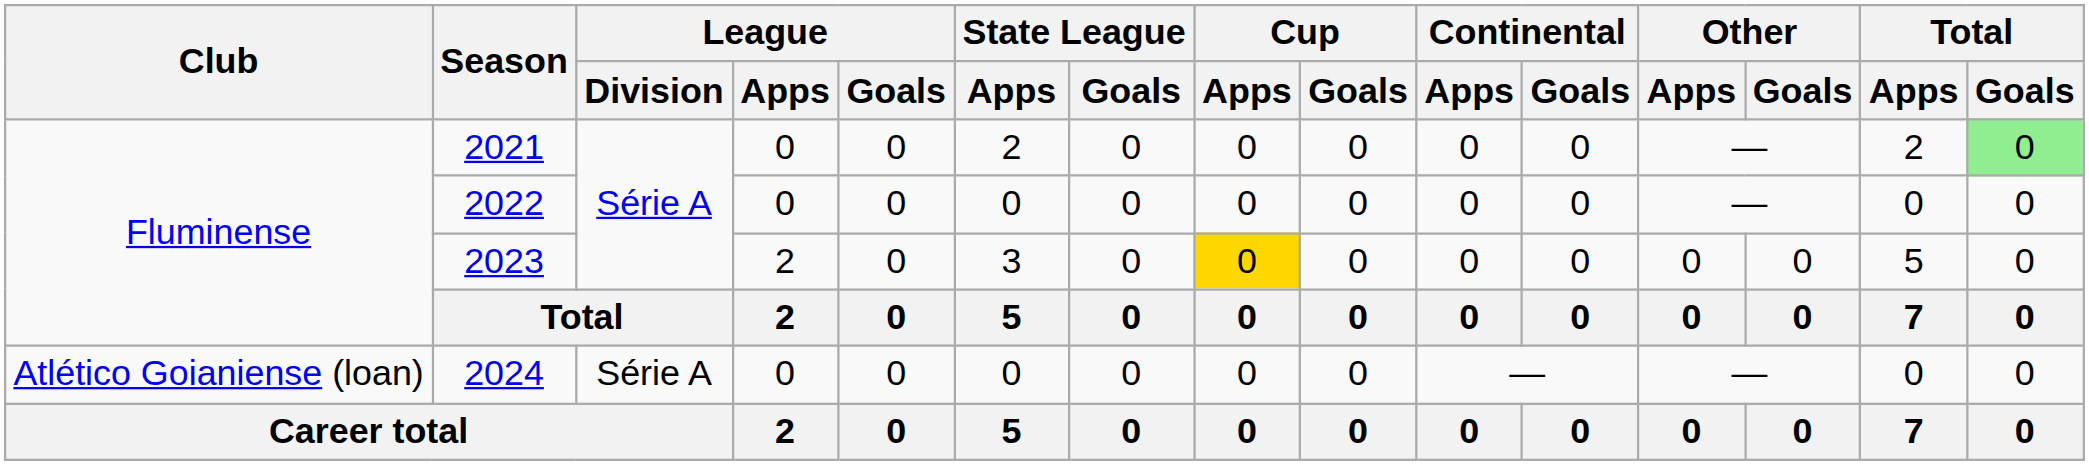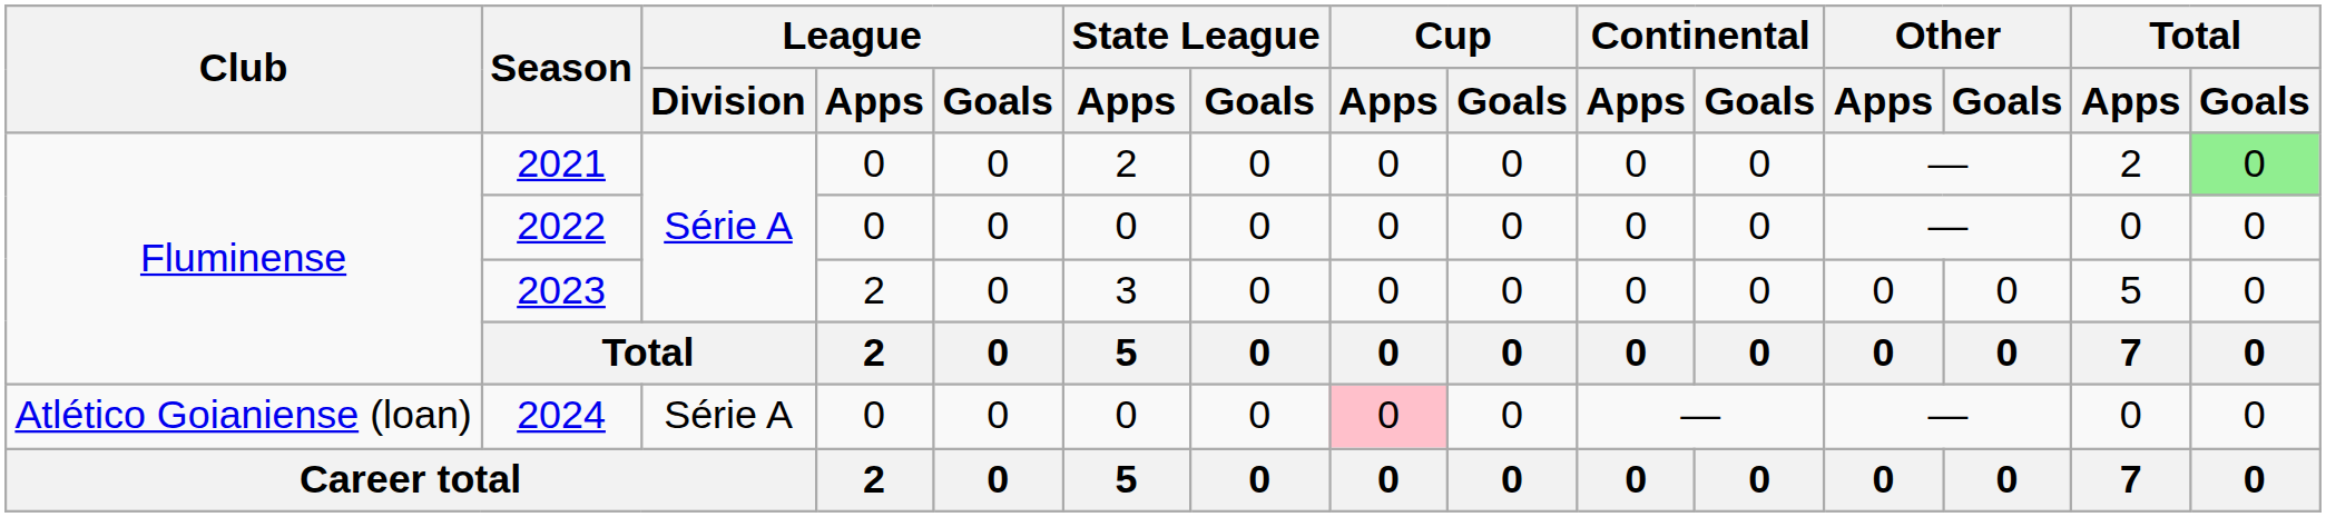 <table class="wikitable" style="text-align:center">
 <tr>
 <th rowspan="2">Club</th>
 <th rowspan="2">Season</th>
 <th colspan="3">League</th>
 <th colspan="2">State League</th>
 <th colspan="2">Cup</th>
 <th colspan="2">Continental</th>
 <th colspan="2">Other</th>
 <th colspan="2">Total</th>
 </tr>
 <tr>
 <th>Division</th>
 <th>Apps</th>
 <th>Goals</th>
 <th>Apps</th>
 <th>Goals</th>
 <th>Apps</th>
 <th>Goals</th>
 <th>Apps</th>
 <th>Goals</th>
 <th>Apps</th>
 <th>Goals</th>
 <th>Apps</th>
 <th>Goals</th>
 </tr>
 <tr>
 <td rowspan=4><a href='#'>Fluminense</a></td>
 <td><a href='#'>2021</a></td>
 <td rowspan=3><a href='#'>Série A</a></td>
 <td>0</td>
 <td>0</td>
 <td>2</td>
 <td>0</td>
 <td>0</td>
 <td>0</td>
 <td>0</td>
 <td>0</td>
 <td colspan="2">—</td>
 <td>2</td>
 <td style="background: lightgreen;">0</td>
 </tr>
 <tr>
 <td><a href='#'>2022</a></td>
 <td>0</td>
 <td>0</td>
 <td>0</td>
 <td>0</td>
 <td>0</td>
 <td>0</td>
 <td>0</td>
 <td>0</td>
 <td colspan="2">—</td>
 <td>0</td>
 <td>0</td>
 </tr>
 <tr>
 <td><a href='#'>2023</a></td>
 <td>2</td>
 <td>0</td>
 <td>3</td>
 <td>0</td>
-<td style="background: gold;">0</td>
+<td>0</td>
 <td>0</td>
 <td>0</td>
 <td>0</td>
 <td>0</td>
 <td>0</td>
 <td>5</td>
 <td>0</td>
 </tr>
 <tr>
 <th colspan=2>Total</th>
 <th>2</th>
 <th>0</th>
 <th>5</th>
 <th>0</th>
 <th>0</th>
 <th>0</th>
 <th>0</th>
 <th>0</th>
 <th>0</th>
 <th>0</th>
 <th>7</th>
 <th>0</th>
 </tr>
 <tr>
 <td><a href='#'>Atlético Goianiense</a> (loan)</td>
 <td><a href='#'>2024</a></td>
 <td>Série A</td>
 <td>0</td>
 <td>0</td>
 <td>0</td>
 <td>0</td>
-<td>0</td>
+<td style="background: pink;">0</td>
 <td>0</td>
 <td colspan="2">—</td>
 <td colspan="2">—</td>
 <td>0</td>
 <td>0</td>
 </tr>
 <tr>
 <th colspan=3><strong>Career total</strong></th>
 <th>2</th>
 <th>0</th>
 <th>5</th>
 <th>0</th>
 <th>0</th>
 <th>0</th>
 <th>0</th>
 <th>0</th>
 <th>0</th>
 <th>0</th>
 <th>7</th>
 <th>0</th>
 </tr>
 </table>
